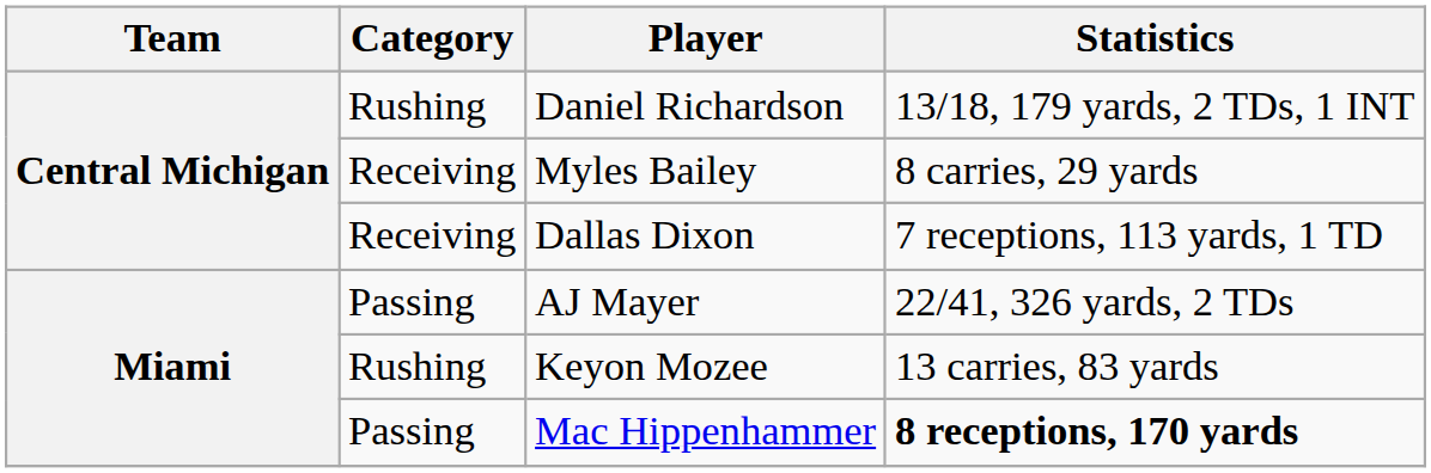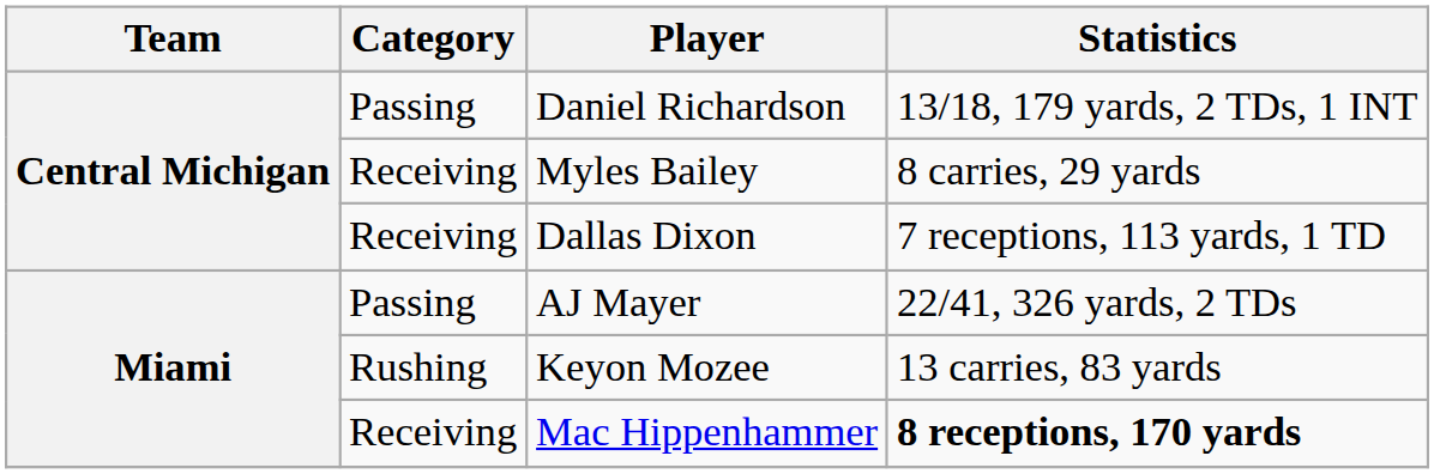 <table class="wikitable" style="float: left;">
 <tr>
 <th>Team</th>
 <th>Category</th>
 <th>Player</th>
 <th>Statistics</th>
 </tr>
 <tr>
 <th rowspan=3>Central Michigan</th>
-<td>Rushing</td>
+<td>Passing</td>
 <td>Daniel Richardson</td>
 <td>13/18, 179 yards, 2 TDs, 1 INT</td>
 </tr>
 <tr>
 <td>Receiving</td>
 <td>Myles Bailey</td>
 <td>8 carries, 29 yards</td>
 </tr>
 <tr>
 <td>Receiving</td>
 <td>Dallas Dixon</td>
 <td>7 receptions, 113 yards, 1 TD</td>
 </tr>
 <tr>
 <th rowspan=3 style=>Miami</th>
 <td>Passing</td>
 <td>AJ Mayer</td>
 <td>22/41, 326 yards, 2 TDs</td>
 </tr>
 <tr>
 <td>Rushing</td>
 <td>Keyon Mozee</td>
 <td>13 carries, 83 yards</td>
 </tr>
 <tr>
-<td>Passing</td>
+<td>Receiving</td>
 <td><a href='#'>Mac Hippenhammer</a></td>
 <td><strong>8 receptions, 170 yards</strong></td>
 </tr>
 <tr>
 </tr>
 </table>
